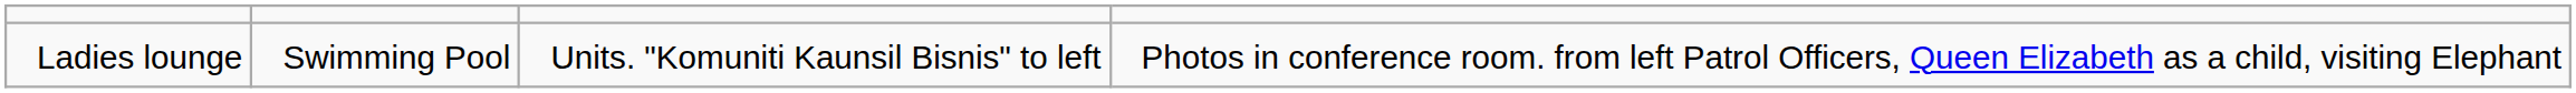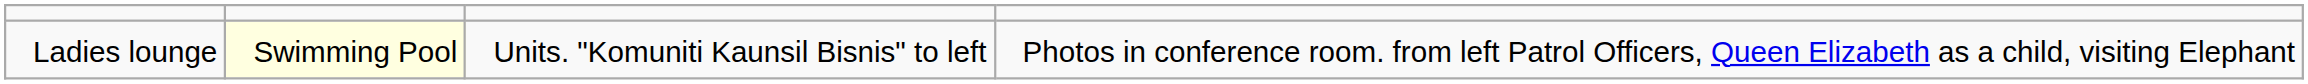 <table class="wikitable" border="0">
 <tr>
 <td></td>
 <td></td>
 <td></td>
 <td></td>
 </tr>
 <tr>
 <td>  <small>Ladies lounge</small></td>
-<td>  <small>Swimming Pool</small></td>
+<td style="background: lightyellow;">  <small>Swimming Pool</small></td>
 <td>  <small>Units. "Komuniti Kaunsil Bisnis" to left</small></td>
 <td>  <small>Photos in conference room. from left Patrol Officers, <a href='#'>Queen Elizabeth</a> as a child, visiting Elephant</small></td>
 </tr>
 </table>
